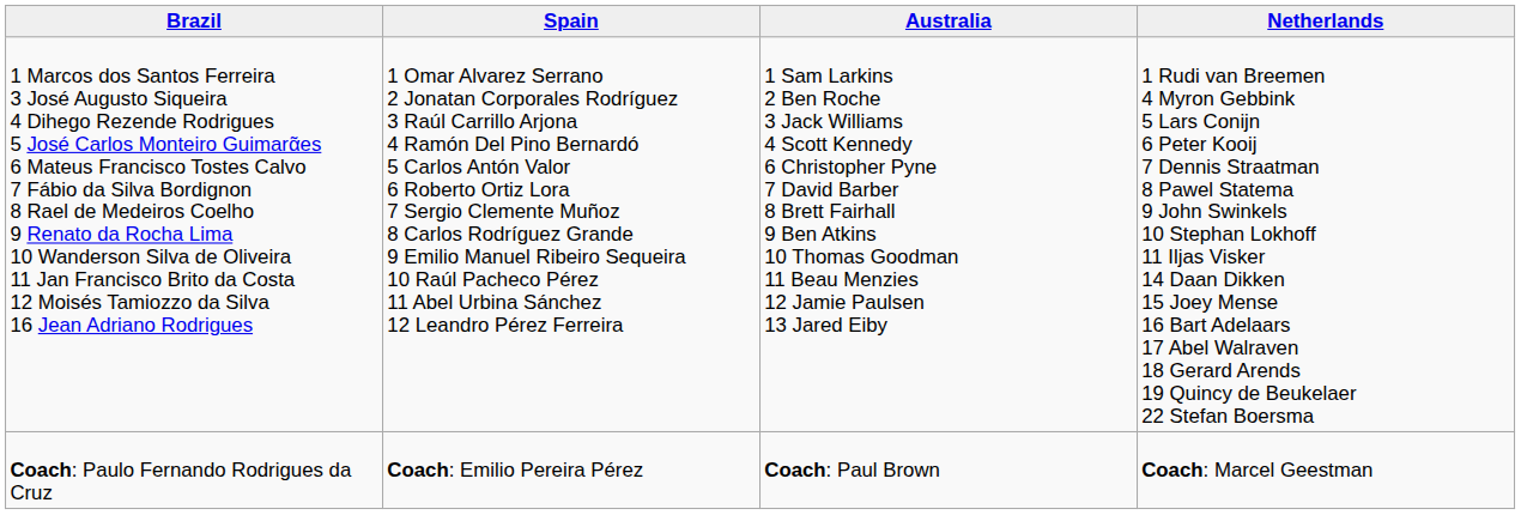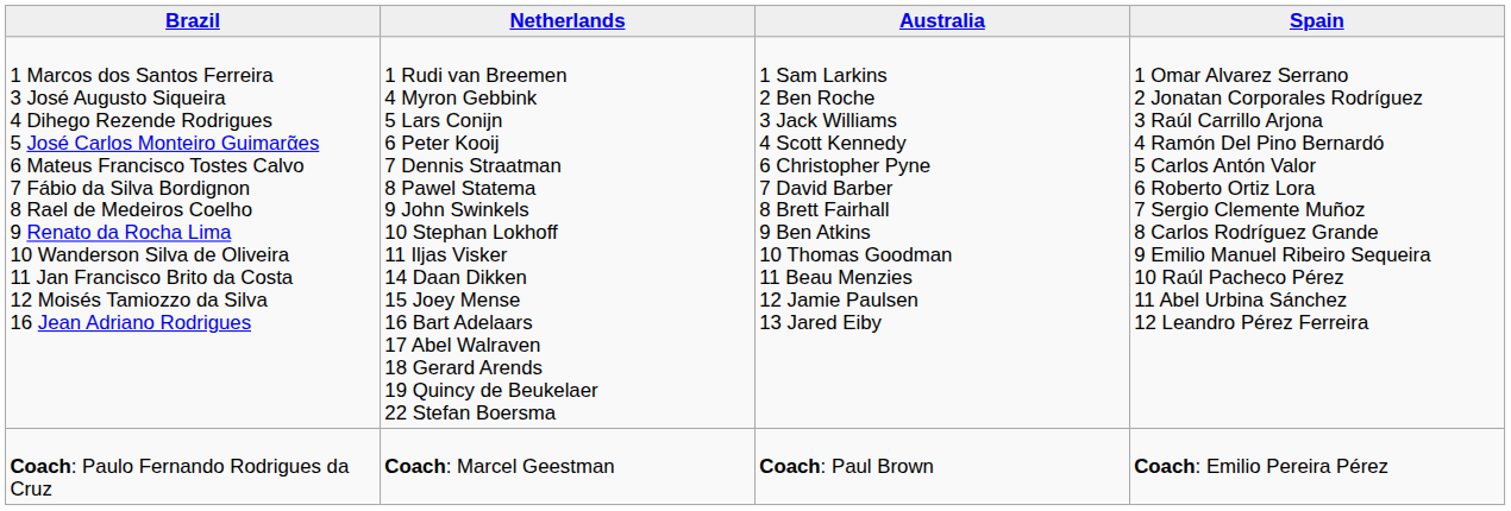 <table class="wikitable mw-collapsible mw-collapsed" cellpadding=5 cellspacing=0 style="width:95%">
 <tr align=center>
 <td bgcolor="#efefef" width="200"><strong> <a href='#'>Brazil</a></strong></td>
+<td bgcolor="#efefef" width="200"><strong> <a href='#'>Netherlands</a></strong></td>
+<td bgcolor="#efefef" width="200"><strong> <a href='#'>Australia</a></strong></td>
 <td bgcolor="#efefef" width="200"><strong> <a href='#'>Spain</a></strong></td>
-<td bgcolor="#efefef" width="200"><strong> <a href='#'>Australia</a></strong></td>
-<td bgcolor="#efefef" width="200"><strong> <a href='#'>Netherlands</a></strong></td>
 </tr>
 <tr valign=top>
 <td><br>1 Marcos dos Santos Ferreira<br> 3 José Augusto Siqueira<br> 4 Dihego Rezende Rodrigues<br> 5 <a href='#'>José Carlos Monteiro Guimarᾶes</a><br> 6 Mateus Francisco Tostes Calvo<br> 7 Fábio da Silva Bordignon<br> 8 Rael de Medeiros Coelho<br> 9 <a href='#'>Renato da Rocha Lima</a><br> 10 Wanderson Silva de Oliveira<br> 11 Jan Francisco Brito da Costa<br> 12 Moisés Tamiozzo da Silva<br> 16 <a href='#'>Jean Adriano Rodrigues</a></td>
+<td><br>1 Rudi van Breemen<br> 4 Myron Gebbink<br> 5 Lars Conijn<br> 6 Peter Kooij<br> 7 Dennis Straatman<br> 8 Pawel Statema<br> 9 John Swinkels<br> 10 Stephan Lokhoff<br> 11 Iljas Visker<br> 14 Daan Dikken<br> 15 Joey Mense<br> 16 Bart Adelaars<br> 17 Abel Walraven<br> 18 Gerard Arends<br> 19 Quincy de Beukelaer<br> 22 Stefan Boersma</td>
+<td><br>1 Sam Larkins<br> 2 Ben Roche<br> 3 Jack Williams<br> 4 Scott Kennedy<br> 6 Christopher Pyne<br> 7 David Barber<br> 8 Brett Fairhall<br> 9 Ben Atkins<br> 10 Thomas Goodman<br> 11 Beau Menzies<br> 12 Jamie Paulsen<br> 13 Jared Eiby</td>
 <td><br>1 Omar Alvarez Serrano<br> 2 Jonatan Corporales Rodríguez<br> 3 Raúl Carrillo Arjona<br> 4 Ramón Del Pino Bernardó <br> 5 Carlos Antón Valor<br> 6 Roberto Ortiz Lora<br> 7 Sergio Clemente Muñoz<br> 8 Carlos Rodríguez Grande<br> 9 Emilio Manuel Ribeiro Sequeira<br> 10 Raúl Pacheco Pérez<br> 11 Abel Urbina Sánchez<br> 12 Leandro Pérez Ferreira</td>
-<td><br>1 Sam Larkins<br> 2 Ben Roche<br> 3 Jack Williams<br> 4 Scott Kennedy<br> 6 Christopher Pyne<br> 7 David Barber<br> 8 Brett Fairhall<br> 9 Ben Atkins<br> 10 Thomas Goodman<br> 11 Beau Menzies<br> 12 Jamie Paulsen<br> 13 Jared Eiby</td>
-<td><br>1 Rudi van Breemen<br> 4 Myron Gebbink<br> 5 Lars Conijn<br> 6 Peter Kooij<br> 7 Dennis Straatman<br> 8 Pawel Statema<br> 9 John Swinkels<br> 10 Stephan Lokhoff<br> 11 Iljas Visker<br> 14 Daan Dikken<br> 15 Joey Mense<br> 16 Bart Adelaars<br> 17 Abel Walraven<br> 18 Gerard Arends<br> 19 Quincy de Beukelaer<br> 22 Stefan Boersma</td>
 </tr>
 <tr valign=top>
 <td><br><strong>Coach</strong>: Paulo Fernando Rodrigues da Cruz</td>
+<td><br><strong>Coach</strong>: Marcel Geestman</td>
+<td><br><strong>Coach</strong>: Paul Brown</td>
 <td><br><strong>Coach</strong>: Emilio Pereira Pérez</td>
-<td><br><strong>Coach</strong>: Paul Brown</td>
-<td><br><strong>Coach</strong>: Marcel Geestman</td>
 </tr>
 </table>
